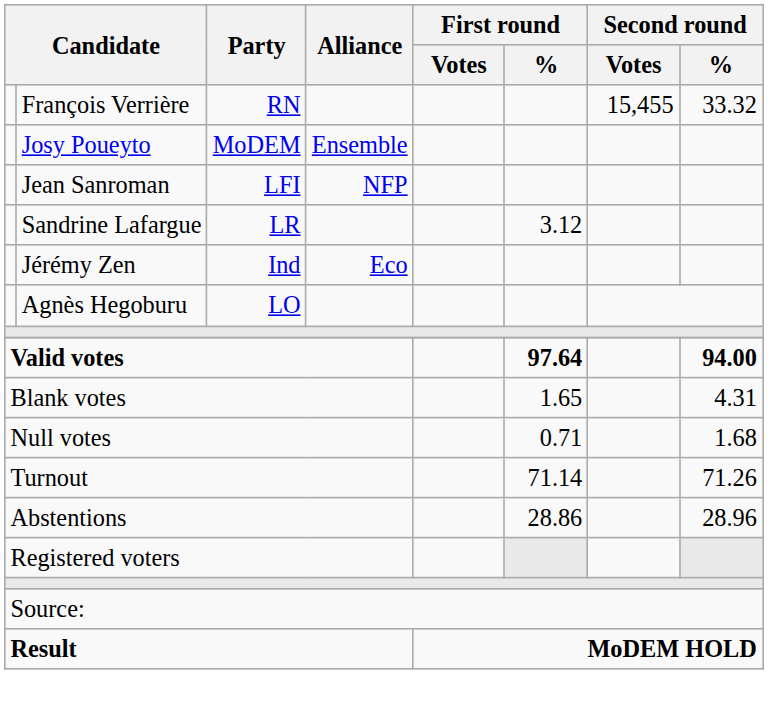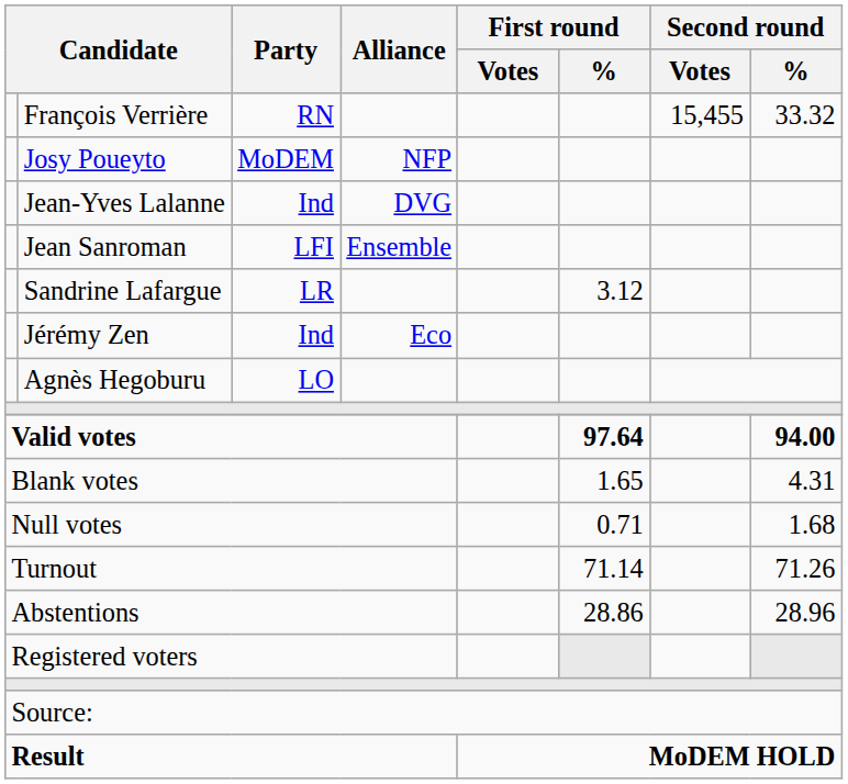 <table class="wikitable" style="text-align:right;font-size:95%;">
 <tr>
 <th colspan="2" rowspan="2">Candidate</th>
 <th colspan="1" rowspan="2">Party</th>
 <th colspan="1" rowspan="2">Alliance</th>
 <th colspan="2">First round</th>
 <th colspan="2">Second round</th>
 </tr>
 <tr>
 <th style="width:50px;">Votes</th>
 <th style="width:45px;">%</th>
 <th style="width:50px;">Votes</th>
 <th style="width:45px;">%</th>
 </tr>
 <tr>
 <td style="color:inherit;background:"></td>
 <td style="text-align:left;">François Verrière</td>
 <td><a href='#'>RN</a></td>
 <td></td>
 <td><strong></strong></td>
 <td><strong></strong></td>
 <td>15,455</td>
 <td>33.32</td>
 </tr>
 <tr>
 <td style="color:inherit;background:"></td>
 <td style="text-align:left;"><a href='#'>Josy Poueyto</a></td>
 <td><a href='#'>MoDEM</a></td>
-<td><a href='#'>Ensemble</a></td>
+<td><a href='#'>NFP</a></td>
 <td><strong></strong></td>
 <td><strong></strong></td>
 <td><strong></strong></td>
 <td><strong></strong></td>
 </tr>
 <tr>
 <td style="color:inherit;background:"></td>
+<td style="text-align:left;">Jean-Yves Lalanne</td>
+<td><a href='#'>Ind</a></td>
+<td><a href='#'>DVG</a></td>
+<td></td>
+<td></td>
+<td></td>
+<td></td>
+</tr>
+<tr>
+<td style="color:inherit;background:"></td>
 <td style="text-align:left;">Jean Sanroman</td>
 <td><a href='#'>LFI</a></td>
-<td><a href='#'>NFP</a></td>
+<td><a href='#'>Ensemble</a></td>
 <td></td>
 <td></td>
 <td></td>
 <td></td>
 </tr>
 <tr>
 <td style="color:inherit;background:"></td>
 <td style="text-align:left;">Sandrine Lafargue</td>
 <td><a href='#'>LR</a></td>
 <td></td>
 <td></td>
 <td>3.12</td>
 <td></td>
 <td></td>
 </tr>
 <tr>
 <td style="color:inherit;background:"></td>
 <td style="text-align:left;">Jérémy Zen</td>
 <td><a href='#'>Ind</a></td>
 <td><a href='#'>Eco</a></td>
 <td></td>
 <td></td>
 <td></td>
 <td></td>
 </tr>
 <tr>
 <td style="color:inherit;background:"></td>
 <td style="text-align:left;">Agnès Hegoburu</td>
 <td><a href='#'>LO</a></td>
 <td></td>
 <td></td>
 <td></td>
 </tr>
 <tr>
 <td colspan="8" style="background:#E9E9E9;"></td>
 </tr>
 <tr>
 </tr>
 <tr style="font-weight:bold;">
 <td colspan="4" style="text-align:left;">Valid votes</td>
 <td></td>
 <td>97.64</td>
 <td></td>
 <td>94.00</td>
 </tr>
 <tr>
 <td colspan="4" style="text-align:left;">Blank votes</td>
 <td></td>
 <td>1.65</td>
 <td></td>
 <td>4.31</td>
 </tr>
 <tr>
 <td colspan="4" style="text-align:left;">Null votes</td>
 <td></td>
 <td>0.71</td>
 <td></td>
 <td>1.68</td>
 </tr>
 <tr>
 <td colspan="4" style="text-align:left;">Turnout</td>
 <td></td>
 <td>71.14</td>
 <td></td>
 <td>71.26</td>
 </tr>
 <tr>
 <td colspan="4" style="text-align:left;">Abstentions</td>
 <td></td>
 <td>28.86</td>
 <td></td>
 <td>28.96</td>
 </tr>
 <tr>
 <td colspan="4" style="text-align:left;">Registered voters</td>
 <td></td>
 <td style="background:#E9E9E9;"></td>
 <td></td>
 <td style="background:#E9E9E9;"></td>
 </tr>
 <tr>
 <td colspan="8" style="background:#E9E9E9;"></td>
 </tr>
 <tr>
 <td colspan="8" style="text-align:left;">Source: </td>
 </tr>
 <tr style="font-weight:bold">
 <td colspan="4" style="text-align:left;">Result</td>
 <td colspan="4" style="background-color:">MoDEM HOLD</td>
 </tr>
 </table>
